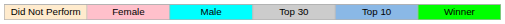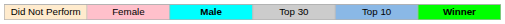 <table class="wikitable" style="margin:1em auto; text-align:center;">
 <tr>
 </tr>
 <tr>
 <td style = "background:#ffebcd; width:15%;">Did Not Perform</td>
 <td style = "background:pink; width:15%;">Female</td>
-<td style = "background:cyan; width:15%;">Male</td>
+<td style = "background:cyan; width:15%;"><strong>Male</strong></td>
 <td style = "background:#ccc; width:15%;">Top 30</td>
 <td style = "background:#8ab8e6; width:15%;">Top 10</td>
-<td style = "background:lime; width:15%;">Winner</td>
+<td style = "background:lime; width:15%;"><strong>Winner</strong></td>
 </tr>
 </table>
